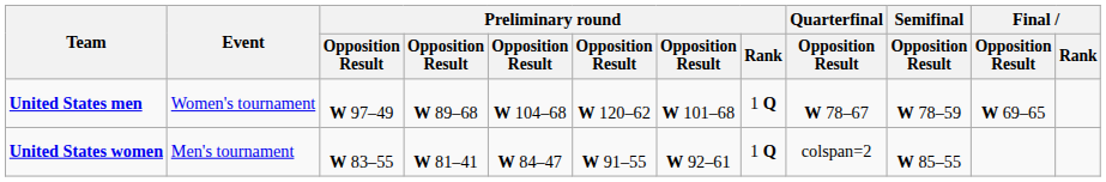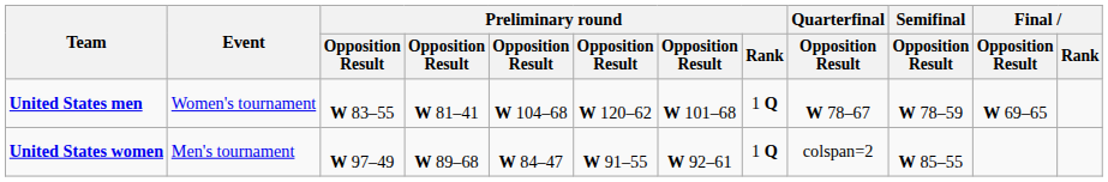 <table class=wikitable style=font-size:90%;text-align:center>
 <tr>
 <th rowspan=2>Team</th>
 <th rowspan=2>Event</th>
 <th colspan=6>Preliminary round</th>
 <th>Quarterfinal</th>
 <th>Semifinal</th>
 <th colspan=2>Final / </th>
 </tr>
 <tr style=font-size:95%>
 <th>Opposition<br>Result</th>
 <th>Opposition<br>Result</th>
 <th>Opposition<br>Result</th>
 <th>Opposition<br>Result</th>
 <th>Opposition<br>Result</th>
 <th>Rank</th>
 <th>Opposition<br>Result</th>
 <th>Opposition<br>Result</th>
 <th>Opposition<br>Result</th>
 <th>Rank</th>
 </tr>
 <tr>
 <td align=left><strong><a href='#'>United States men</a></strong></td>
 <td align=left><a href='#'>Women's tournament</a></td>
-<td><br><strong>W</strong> 97–49</td>
-<td><br><strong>W</strong> 89–68</td>
+<td><br><strong>W</strong> 83–55</td>
+<td><br><strong>W</strong> 81–41</td>
 <td><br><strong>W</strong> 104–68</td>
 <td><br><strong>W</strong> 120–62</td>
 <td><br><strong>W</strong> 101–68</td>
 <td>1 <strong>Q</strong></td>
 <td><br><strong>W</strong> 78–67</td>
 <td><br><strong>W</strong> 78–59</td>
 <td><br><strong>W</strong> 69–65</td>
 <td></td>
 </tr>
 <tr>
 <td align=left><strong><a href='#'>United States women</a></strong></td>
 <td align=left><a href='#'>Men's tournament</a></td>
-<td><br><strong>W</strong> 83–55</td>
-<td><br><strong>W</strong> 81–41</td>
+<td><br><strong>W</strong> 97–49</td>
+<td><br><strong>W</strong> 89–68</td>
 <td><br><strong>W</strong> 84–47</td>
 <td><br><strong>W</strong> 91–55</td>
 <td><br><strong>W</strong> 92–61</td>
 <td>1 <strong>Q</strong></td>
 <td>colspan=2 </td>
 <td><br><strong>W</strong> 85–55</td>
 <td></td>
 </tr>
 </table>
